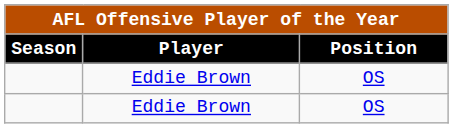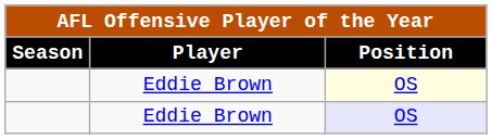 <table class="wikitable sortable" style="text-align:center">
 <tr>
 <td colspan="4" style="background:#BA4D00; color:white;"><strong>AFL Offensive Player of the Year</strong></td>
 </tr>
 <tr>
 <th style="width:50px; background:black; color:white;">Season</th>
 <th style="width:150px; background:black; color:white;">Player</th>
 <th style="width:100px; background:black; color:white;">Position</th>
 </tr>
 <tr>
 <td></td>
 <td><a href='#'>Eddie Brown</a></td>
-<td><a href='#'>OS</a></td>
+<td style="background: lightyellow;"><a href='#'>OS</a></td>
 </tr>
 <tr>
 <td></td>
 <td><a href='#'>Eddie Brown</a></td>
-<td><a href='#'>OS</a></td>
+<td style="background: lavender;"><a href='#'>OS</a></td>
 </tr>
 </table>
